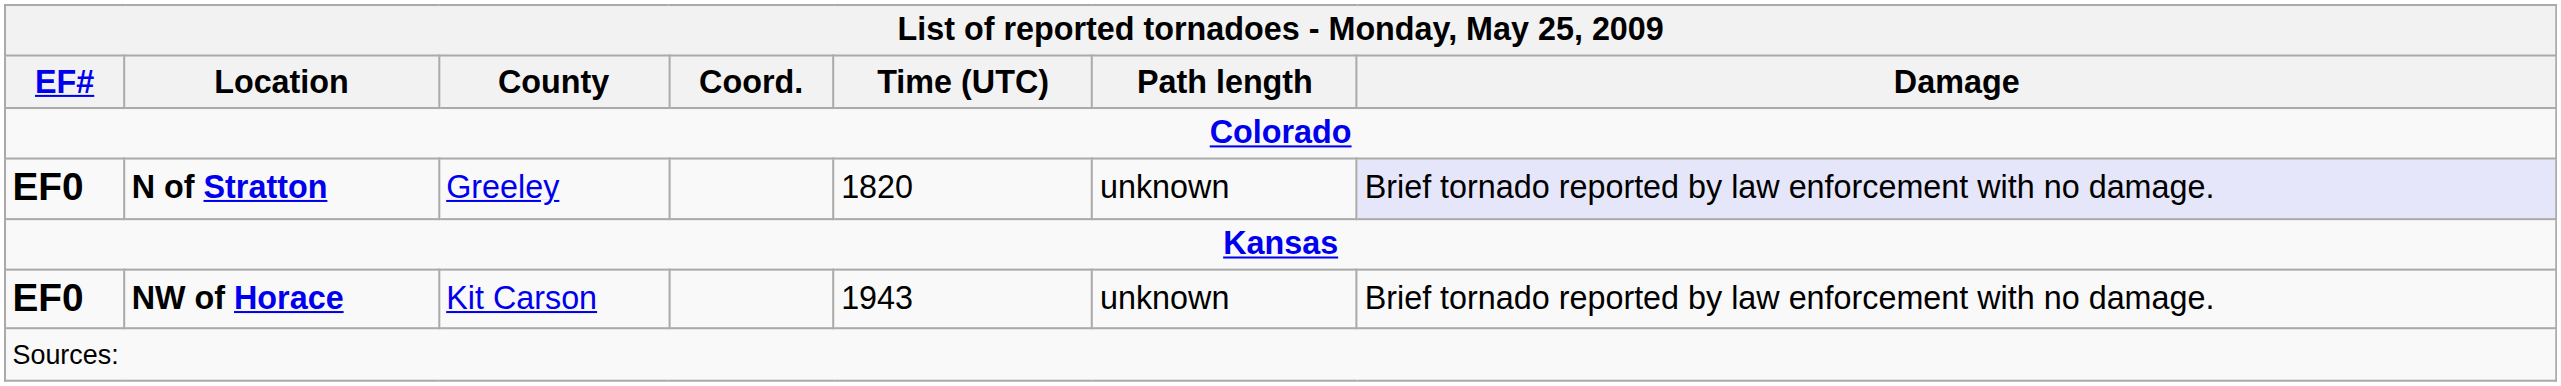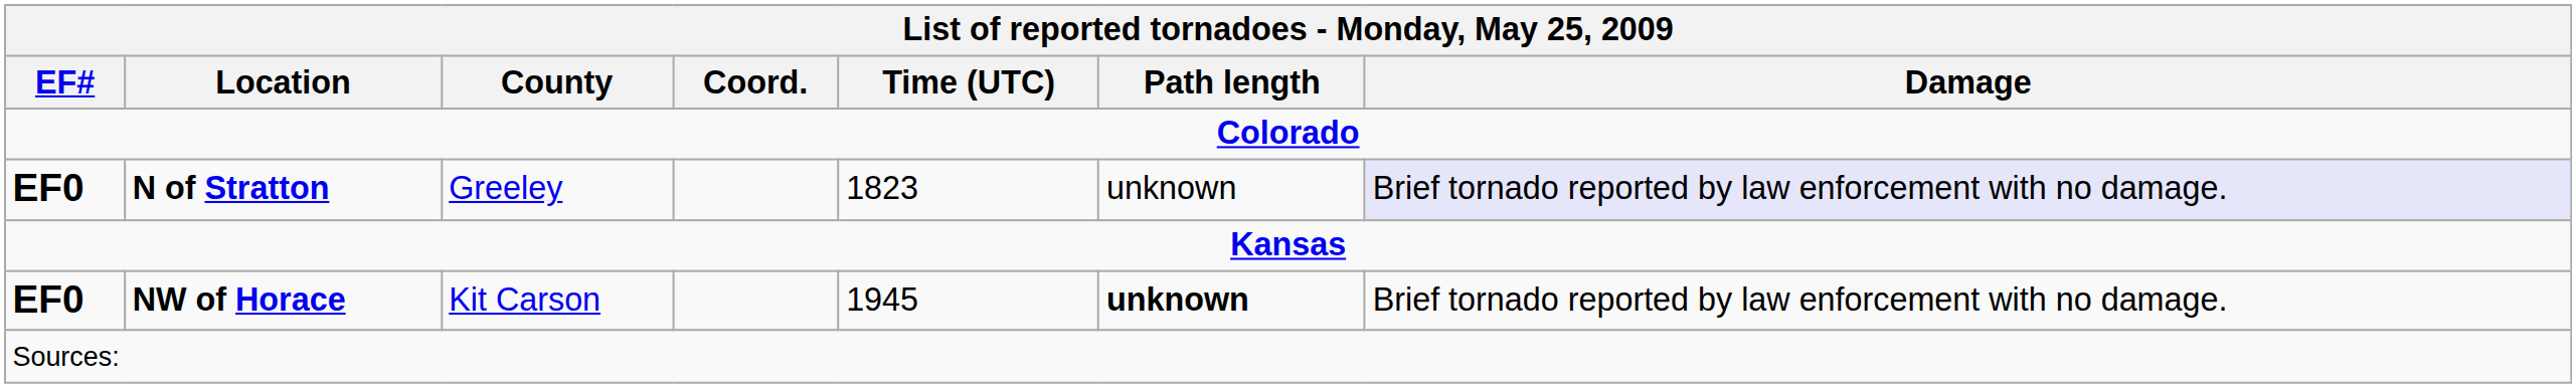 <table class="wikitable collapsible" width="100%">
 <tr>
 <th colspan="7">List of reported tornadoes - Monday, May 25, 2009</th>
 </tr>
 <tr>
 <th><a href='#'>EF#</a></th>
 <th>Location</th>
 <th>County</th>
 <th>Coord.</th>
 <th>Time (UTC)</th>
 <th>Path length</th>
 <th>Damage</th>
 </tr>
 <tr>
 <td colspan="7" align=center><strong><a href='#'>Colorado</a></strong></td>
 </tr>
 <tr>
 <td><big><strong>EF0</strong></big></td>
 <td><strong>N of <a href='#'>Stratton</a></strong></td>
 <td><a href='#'>Greeley</a></td>
 <td></td>
-<td>1820</td>
+<td>1823</td>
 <td>unknown</td>
 <td style="background: lavender;">Brief tornado reported by law enforcement with no damage.</td>
 </tr>
 <tr>
 <td colspan="7" align=center><strong><a href='#'>Kansas</a></strong></td>
 </tr>
 <tr>
 <td><big><strong>EF0</strong></big></td>
 <td><strong>NW of <a href='#'>Horace</a></strong></td>
 <td><a href='#'>Kit Carson</a></td>
 <td></td>
-<td>1943</td>
-<td>unknown</td>
+<td>1945</td>
+<td><strong>unknown</strong></td>
 <td>Brief tornado reported by law enforcement with no damage.</td>
 </tr>
 <tr>
 <td colspan="7"><small>Sources: </small></td>
 </tr>
 </table>
